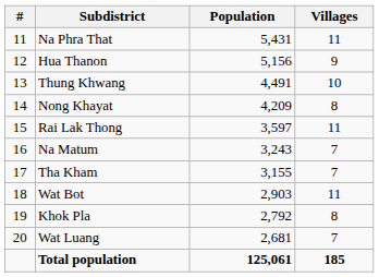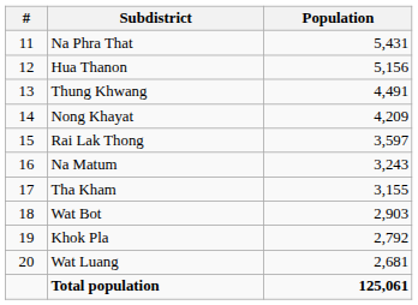 <table class="wikitable" style="width:48%; display:inline-table;">
 <tr>
 <th>#</th>
 <th>Subdistrict</th>
 <th>Population</th>
-<th>Villages</th>
 </tr>
 <tr>
 <td style="text-align:center;">11</td>
 <td>Na Phra That</td>
 <td style="text-align:right;">5,431</td>
-<td style="text-align:center;">11</td>
 </tr>
 <tr>
 <td style="text-align:center;">12</td>
 <td>Hua Thanon</td>
 <td style="text-align:right;">5,156</td>
-<td style="text-align:center;">9</td>
 </tr>
 <tr>
 <td style="text-align:center;">13</td>
 <td>Thung Khwang</td>
 <td style="text-align:right;">4,491</td>
-<td style="text-align:center;">10</td>
 </tr>
 <tr>
 <td style="text-align:center;">14</td>
 <td>Nong Khayat</td>
 <td style="text-align:right;">4,209</td>
-<td style="text-align:center;">8</td>
 </tr>
 <tr>
 <td style="text-align:center;">15</td>
 <td>Rai Lak Thong</td>
 <td style="text-align:right;">3,597</td>
-<td style="text-align:center;">11</td>
 </tr>
 <tr>
 <td style="text-align:center;">16</td>
 <td>Na Matum</td>
 <td style="text-align:right;">3,243</td>
-<td style="text-align:center;">7</td>
 </tr>
 <tr>
 <td style="text-align:center;">17</td>
 <td>Tha Kham</td>
 <td style="text-align:right;">3,155</td>
-<td style="text-align:center;">7</td>
 </tr>
 <tr>
 <td style="text-align:center;">18</td>
 <td>Wat Bot</td>
 <td style="text-align:right;">2,903</td>
-<td style="text-align:center;">11</td>
 </tr>
 <tr>
 <td style="text-align:center;">19</td>
 <td>Khok Pla</td>
 <td style="text-align:right;">2,792</td>
-<td style="text-align:center;">8</td>
 </tr>
 <tr>
 <td style="text-align:center;">20</td>
 <td>Wat Luang</td>
 <td style="text-align:right;">2,681</td>
-<td style="text-align:center;">7</td>
 </tr>
 <tr>
 <td></td>
 <td><strong>Total population</strong></td>
 <td style="text-align:right;"><strong>125,061</strong></td>
-<td style="text-align:center;"><strong>185</strong></td>
 </tr>
 </table>
